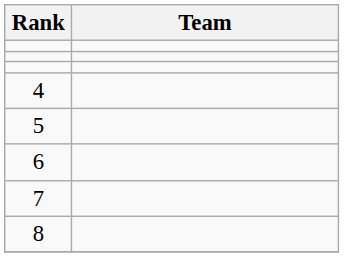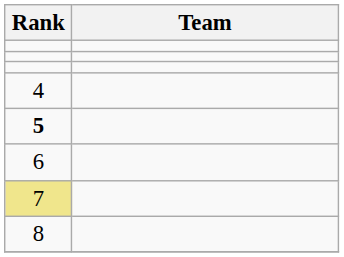 <table class="wikitable" style="text-align: center;">
 <tr>
 <th width=40>Rank</th>
 <th width=180>Team</th>
 </tr>
 <tr>
 <td></td>
 <td align=left></td>
 </tr>
 <tr>
 <td></td>
 <td align=left></td>
 </tr>
 <tr>
 <td></td>
 <td align=left></td>
 </tr>
 <tr>
 <td>4</td>
 <td align=left></td>
 </tr>
 <tr>
-<td>5</td>
+<td><strong>5</strong></td>
 <td align=left></td>
 </tr>
 <tr>
 <td>6</td>
 <td align=left></td>
 </tr>
 <tr>
-<td>7</td>
+<td style="background: khaki;">7</td>
 <td align=left></td>
 </tr>
 <tr>
 <td>8</td>
 <td align=left></td>
 </tr>
 <tr>
 </tr>
 </table>
